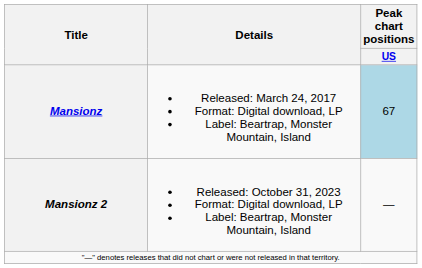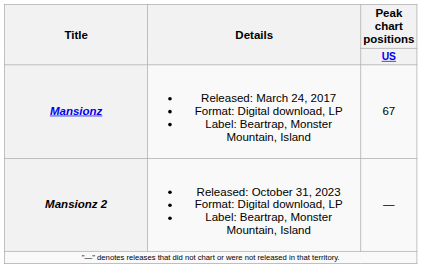 <table class="wikitable plainrowheaders" style="text-align:center;">
 <tr>
 <th scope="col" rowspan="2" style="width:12em;">Title</th>
 <th scope="col" rowspan="2" style="width:18em;">Details</th>
 <th scope="col">Peak chart positions</th>
 </tr>
 <tr>
 <th scope="col" style="width:2.5em;font-size:90%;"><a href='#'>US</a><br></th>
 </tr>
 <tr>
 <th scope="row"><em><a href='#'>Mansionz</a></em><br></th>
 <td><br><ul><li>Released: March 24, 2017</li><li>Format: Digital download, LP</li><li>Label: Beartrap, Monster Mountain, Island</li></ul></td>
-<td style="background: lightblue;">67</td>
+<td>67</td>
 </tr>
 <tr>
 <th scope="row"><em>Mansionz 2</em><br></th>
 <td><br><ul><li>Released: October 31, 2023</li><li>Format: Digital download, LP</li><li>Label: Beartrap, Monster Mountain, Island</li></ul></td>
 <td>—</td>
 </tr>
 <tr>
 <td colspan="15" style="text-align:center; font-size:8pt;">"—" denotes releases that did not chart or were not released in that territory.</td>
 </tr>
 </table>
